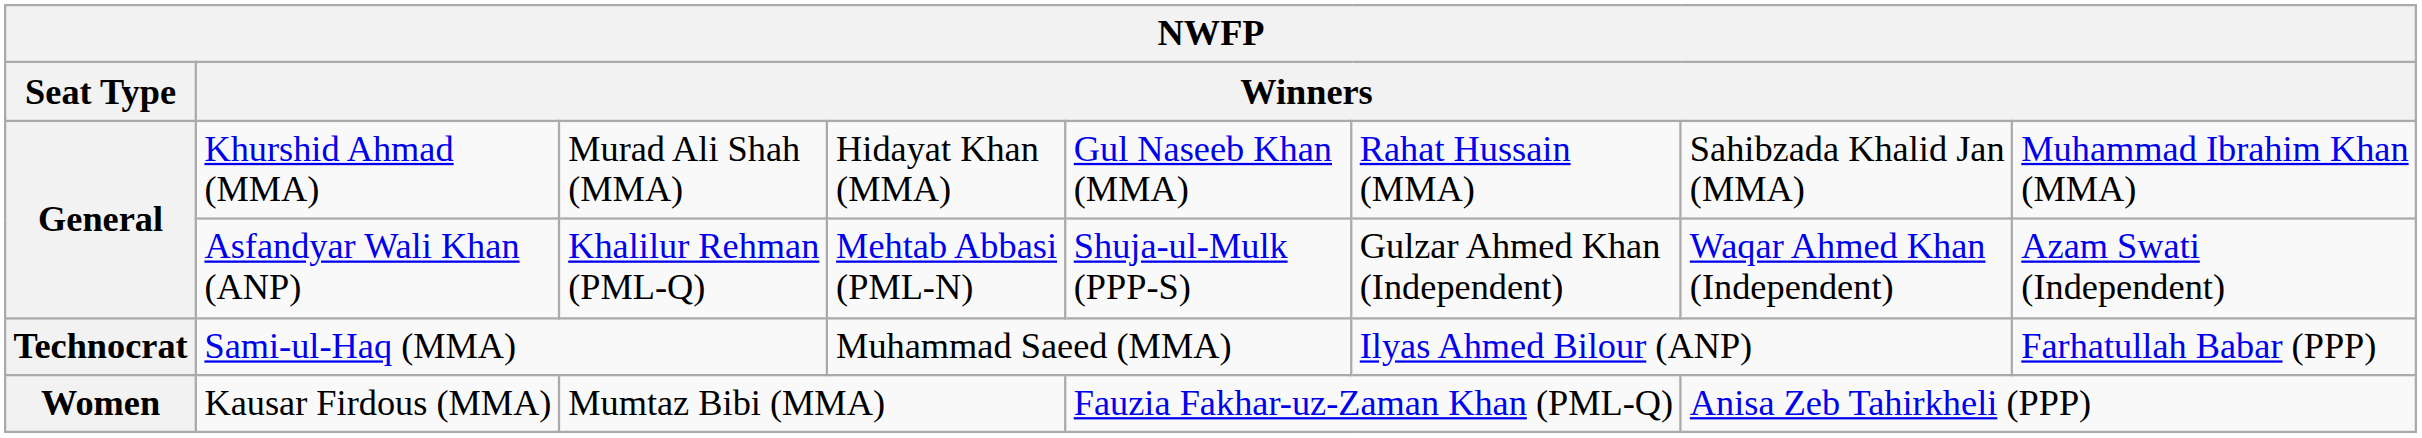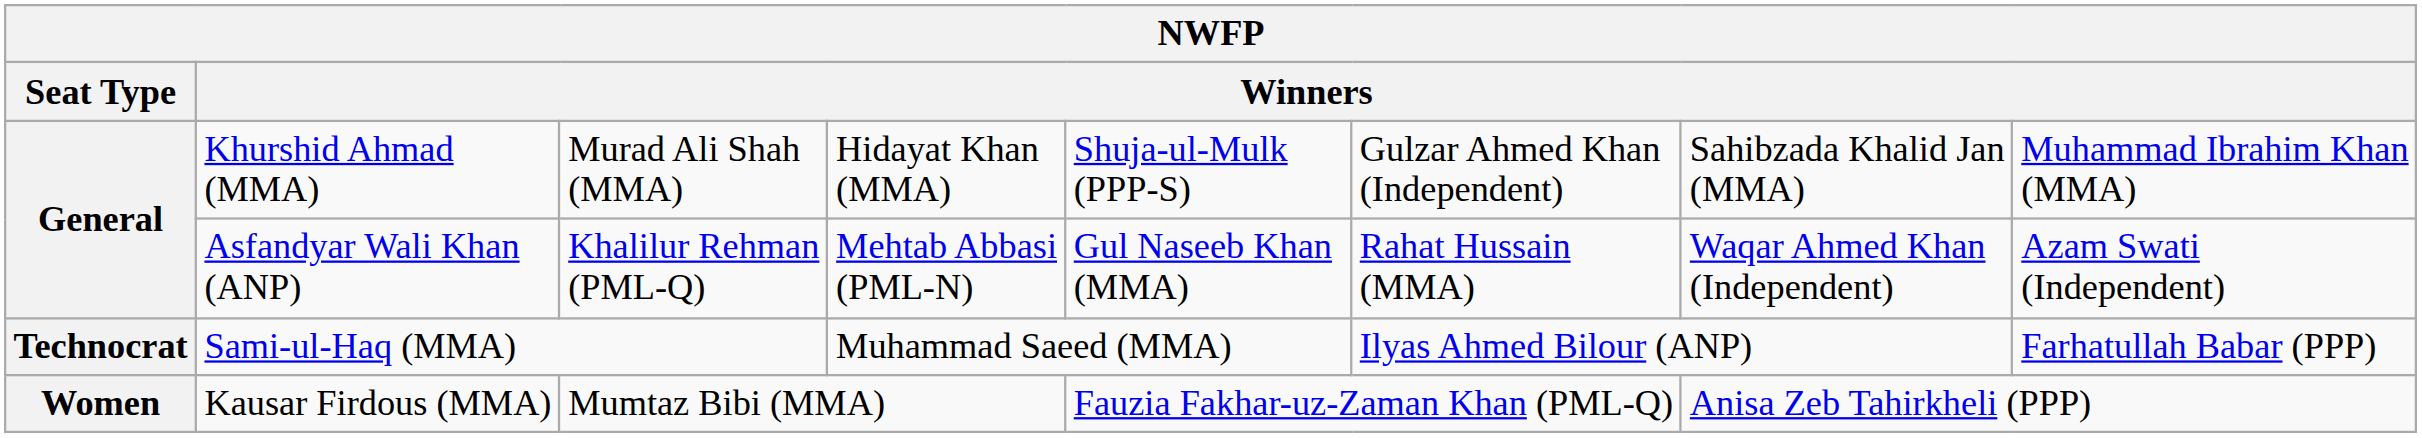 <table class="wikitable">
 <tr>
 <th colspan="8">NWFP</th>
 </tr>
 <tr>
 <th>Seat Type</th>
 <th colspan="7">Winners</th>
 </tr>
 <tr>
 <th rowspan="2">General</th>
 <td style="background:"><a href='#'>Khurshid Ahmad</a><br>(MMA)</td>
 <td style="background:">Murad Ali Shah<br>(MMA)</td>
 <td style="background:">Hidayat Khan<br>(MMA)</td>
-<td style="background:"><a href='#'>Gul Naseeb Khan</a><br>(MMA)</td>
-<td style="background:"><a href='#'>Rahat Hussain</a><br>(MMA)</td>
+<td style="background:"><a href='#'>Shuja-ul-Mulk</a><br>(PPP-S)</td>
+<td style="background:">Gulzar Ahmed Khan<br>(Independent)</td>
 <td style="background:">Sahibzada Khalid Jan<br>(MMA)</td>
 <td style="background:"><a href='#'>Muhammad Ibrahim Khan</a><br>(MMA)</td>
 </tr>
 <tr>
 <td style="background:"><a href='#'>Asfandyar Wali Khan</a><br>(ANP)</td>
 <td style="background:"><a href='#'>Khalilur Rehman</a><br>(PML-Q)</td>
 <td style="background:"><a href='#'>Mehtab Abbasi</a><br>(PML-N)</td>
-<td style="background:"><a href='#'>Shuja-ul-Mulk</a><br>(PPP-S)</td>
-<td style="background:">Gulzar Ahmed Khan<br>(Independent)</td>
+<td style="background:"><a href='#'>Gul Naseeb Khan</a><br>(MMA)</td>
+<td style="background:"><a href='#'>Rahat Hussain</a><br>(MMA)</td>
 <td style="background:"><a href='#'>Waqar Ahmed Khan</a><br>(Independent)</td>
 <td style="background:"><a href='#'>Azam Swati</a><br>(Independent)</td>
 </tr>
 <tr>
 <th>Technocrat</th>
 <td colspan="2" style="background:"><a href='#'>Sami-ul-Haq</a> (MMA)</td>
 <td colspan="2" style="background:">Muhammad Saeed (MMA)</td>
 <td colspan="2" style="background:"><a href='#'>Ilyas Ahmed Bilour</a> (ANP)</td>
 <td colspan="1" style="background:"><a href='#'>Farhatullah Babar</a> (PPP)</td>
 </tr>
 <tr>
 <th>Women</th>
 <td colspan="1" style="background:">Kausar Firdous (MMA)</td>
 <td colspan="2" style="background:">Mumtaz Bibi (MMA)</td>
 <td colspan="2" style="background:"><a href='#'>Fauzia Fakhar-uz-Zaman Khan</a> (PML-Q)</td>
 <td colspan="2" style="background:"><a href='#'>Anisa Zeb Tahirkheli</a> (PPP)</td>
 </tr>
 </table>
